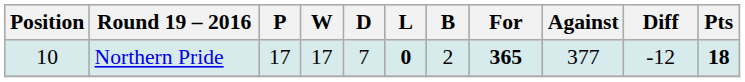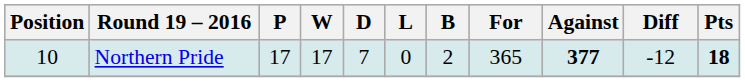 <table class="wikitable" style="text-align:center; font-size:85%;">
 <tr>
 <th width=40 abbr="Position">Position</th>
 <th width=100>Round 19 – 2016</th>
 <th width=20 abbr="Played">P</th>
 <th width=20 abbr="Won">W</th>
 <th width=20 abbr="Drawn">D</th>
 <th width=20 abbr="Lost">L</th>
 <th width=20 abbr="Bye">B</th>
 <th width=40 abbr="Points for">For</th>
 <th width=40 abbr="Points against">Against</th>
 <th width=40 abbr="Points difference">Diff</th>
 <th width=20 abbr="Points">Pts</th>
 </tr>
 <tr style="background: #d7ebed;">
 <td>10</td>
 <td style="text-align:left;"> <a href='#'>Northern Pride</a></td>
 <td>17</td>
 <td>17</td>
 <td>7</td>
-<td><strong>0</strong></td>
+<td>0</td>
 <td>2</td>
-<td><strong>365</strong></td>
-<td>377</td>
+<td>365</td>
+<td><strong>377</strong></td>
 <td>-12</td>
 <td><strong>18</strong></td>
 </tr>
 <tr>
 </tr>
 </table>
